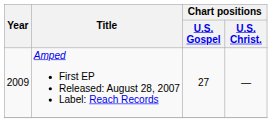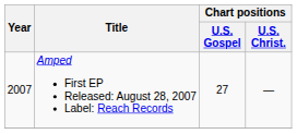 <table class="wikitable">
 <tr>
 <th rowspan="2">Year</th>
 <th rowspan="2">Title</th>
 <th colspan="2">Chart positions</th>
 </tr>
 <tr>
 <th style="width:60px;"><a href='#'>U.S. Gospel</a></th>
 <th style="width:60px;"><a href='#'>U.S. Christ.</a></th>
 </tr>
 <tr>
-<td>2009</td>
+<td>2007</td>
 <td><em><a href='#'>Amped</a></em><br><ul><li>First EP</li><li>Released: August 28, 2007</li><li>Label: <a href='#'>Reach Records</a></li></ul></td>
 <td style="text-align:center;">27</td>
 <td style="text-align:center;">—</td>
 </tr>
 <tr>
 </tr>
 </table>
